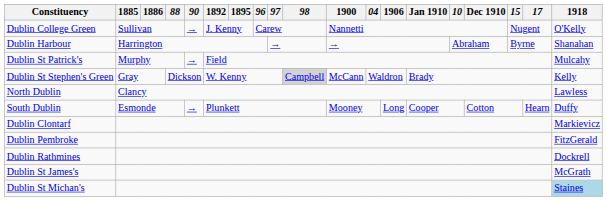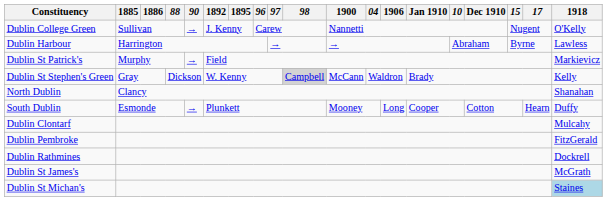 <table class="wikitable">
 <tr>
 <th>Constituency</th>
 <th>1885</th>
 <th>1886</th>
 <th><em>88</em></th>
 <th><em>90</em></th>
 <th>1892</th>
 <th>1895</th>
 <th><em>96</em></th>
 <th><em>97</em></th>
 <th><em>98</em></th>
 <th>1900</th>
 <th><em>04</em></th>
 <th>1906</th>
 <th>Jan 1910</th>
 <th><em>10</em></th>
 <th>Dec 1910</th>
 <th><em>15</em></th>
 <th><em>17</em></th>
 <th>1918</th>
 </tr>
 <tr>
 <td><a href='#'>Dublin College Green</a></td>
 <td colspan="3"><a href='#'>Sullivan</a></td>
 <td><a href='#'>→</a></td>
 <td colspan="2"><a href='#'>J. Kenny</a></td>
 <td colspan="3"><a href='#'>Carew</a></td>
 <td colspan="6"><a href='#'>Nannetti</a></td>
 <td colspan="2"><a href='#'>Nugent</a></td>
 <td><a href='#'>O'Kelly</a></td>
 </tr>
 <tr>
 <td><a href='#'>Dublin Harbour</a></td>
 <td colspan="7"><a href='#'>Harrington</a></td>
 <td colspan="2"><a href='#'>→</a></td>
 <td colspan="4"><a href='#'>→</a></td>
 <td colspan="2"><a href='#'>Abraham</a></td>
 <td colspan="2"><a href='#'>Byrne</a></td>
-<td><a href='#'>Shanahan</a></td>
+<td><a href='#'>Lawless</a></td>
 </tr>
 <tr>
 <td><a href='#'>Dublin St Patrick's</a></td>
 <td colspan="3"><a href='#'>Murphy</a></td>
 <td><a href='#'>→</a></td>
 <td colspan="13"><a href='#'>Field</a></td>
-<td><a href='#'>Mulcahy</a></td>
+<td><a href='#'>Markievicz</a></td>
 </tr>
 <tr>
 <td><a href='#'>Dublin St Stephen's Green</a></td>
 <td colspan="2"><a href='#'>Gray</a></td>
 <td colspan="2"><a href='#'>Dickson</a></td>
 <td colspan="4"><a href='#'>W. Kenny</a></td>
 <td style="background: lightgrey;"><a href='#'>Campbell</a></td>
 <td><a href='#'>McCann</a></td>
 <td colspan="2"><a href='#'>Waldron</a></td>
 <td colspan="5"><a href='#'>Brady</a></td>
 <td><a href='#'>Kelly</a></td>
 </tr>
 <tr>
 <td><a href='#'>North Dublin</a></td>
 <td colspan="17"><a href='#'>Clancy</a></td>
-<td><a href='#'>Lawless</a></td>
+<td><a href='#'>Shanahan</a></td>
 </tr>
 <tr>
 <td><a href='#'>South Dublin</a></td>
 <td colspan="3"><a href='#'>Esmonde</a></td>
 <td><a href='#'>→</a></td>
 <td colspan="5"><a href='#'>Plunkett</a></td>
 <td colspan="2"><a href='#'>Mooney</a></td>
 <td><a href='#'>Long</a></td>
 <td colspan="2"><a href='#'>Cooper</a></td>
 <td colspan="2"><a href='#'>Cotton</a></td>
 <td><a href='#'>Hearn</a></td>
 <td><a href='#'>Duffy</a></td>
 </tr>
 <tr>
 <td><a href='#'>Dublin Clontarf</a></td>
 <td colspan="17"></td>
-<td><a href='#'>Markievicz</a></td>
+<td><a href='#'>Mulcahy</a></td>
 </tr>
 <tr>
 <td><a href='#'>Dublin Pembroke</a></td>
 <td colspan="17"></td>
 <td><a href='#'>FitzGerald</a></td>
 </tr>
 <tr>
 <td><a href='#'>Dublin Rathmines</a></td>
 <td colspan="17"></td>
 <td><a href='#'>Dockrell</a></td>
 </tr>
 <tr>
 <td><a href='#'>Dublin St James's</a></td>
 <td colspan="17"></td>
 <td><a href='#'>McGrath</a></td>
 </tr>
 <tr>
 <td><a href='#'>Dublin St Michan's</a></td>
 <td colspan="17"></td>
 <td style="background: lightblue;"><a href='#'>Staines</a></td>
 </tr>
 </table>
